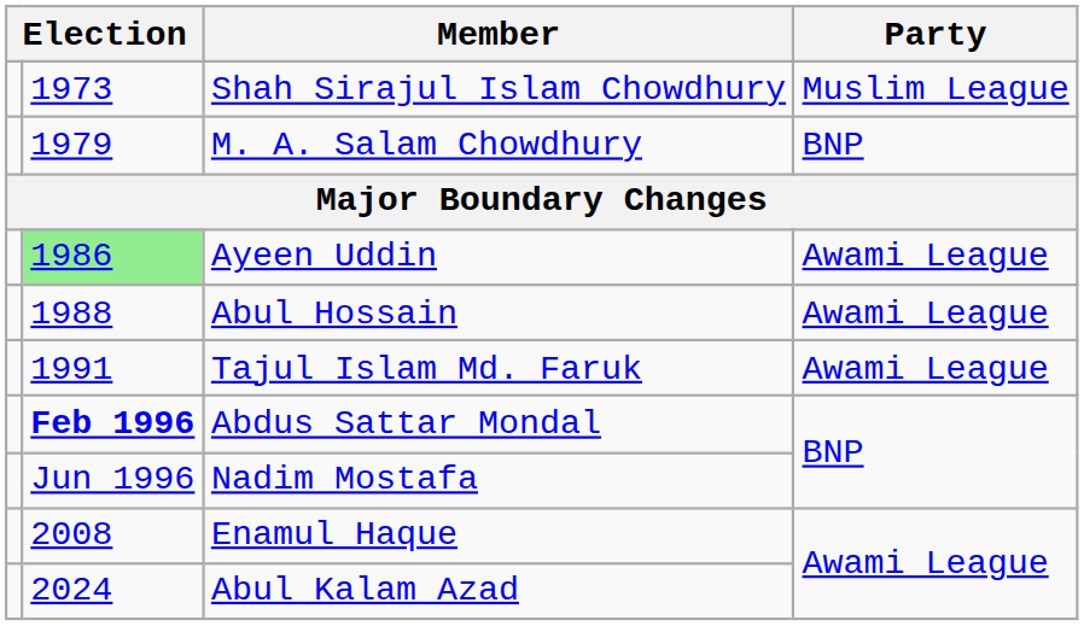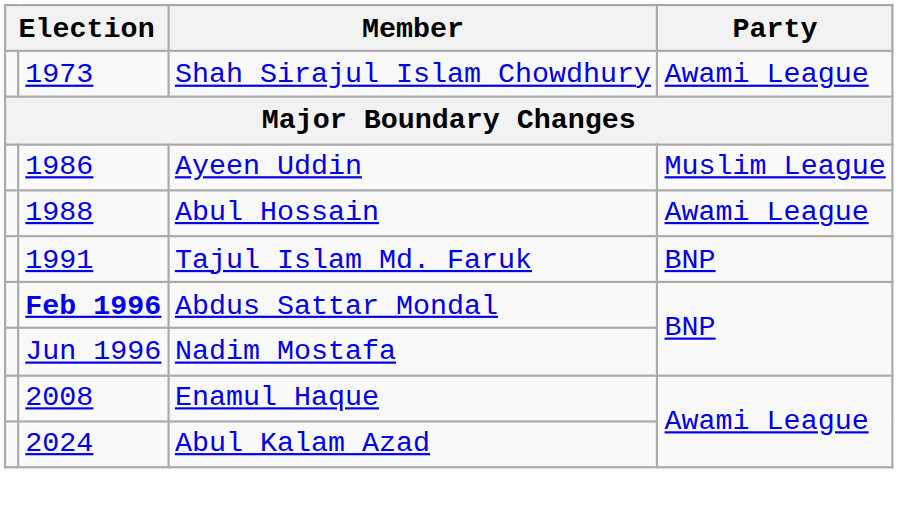 <table class="wikitable">
 <tr>
 <th colspan="2">Election</th>
 <th>Member</th>
 <th>Party</th>
 </tr>
 <tr>
 <td style="background-color:"></td>
 <td><a href='#'>1973</a></td>
 <td><a href='#'>Shah Sirajul Islam Chowdhury</a></td>
-<td><a href='#'>Muslim League</a></td>
-</tr>
-<tr>
-<td style="background-color:"></td>
-<td><a href='#'>1979</a></td>
-<td><a href='#'>M. A. Salam Chowdhury</a></td>
-<td><a href='#'>BNP</a></td>
+<td><a href='#'>Awami League</a></td>
 </tr>
 <tr>
 <th colspan="4">Major Boundary Changes</th>
 </tr>
 <tr>
 <td style="background-color:"></td>
-<td style="background: lightgreen;"><a href='#'>1986</a></td>
+<td><a href='#'>1986</a></td>
 <td><a href='#'>Ayeen Uddin</a></td>
-<td><a href='#'>Awami League</a></td>
+<td><a href='#'>Muslim League</a></td>
 </tr>
 <tr>
 <td style="background-color:"></td>
 <td><a href='#'>1988</a></td>
 <td><a href='#'>Abul Hossain</a></td>
 <td><a href='#'>Awami League</a></td>
 </tr>
 <tr>
 <td style="background-color:"></td>
 <td><a href='#'>1991</a></td>
 <td><a href='#'>Tajul Islam Md. Faruk</a></td>
-<td><a href='#'>Awami League</a></td>
+<td><a href='#'>BNP</a></td>
 </tr>
 <tr>
 <td style="background-color:"></td>
 <td><strong><a href='#'>Feb 1996</a></strong></td>
 <td><a href='#'>Abdus Sattar Mondal</a></td>
 <td rowspan="2"><a href='#'>BNP</a></td>
 </tr>
 <tr>
 <td style="background-color:"></td>
 <td><a href='#'>Jun 1996</a></td>
 <td><a href='#'>Nadim Mostafa</a></td>
 </tr>
 <tr>
 <td style="background-color:"></td>
 <td><a href='#'>2008</a></td>
 <td><a href='#'>Enamul Haque</a></td>
 <td rowspan="2"><a href='#'>Awami League</a></td>
 </tr>
 <tr>
 <td style="background-color:"></td>
 <td><a href='#'>2024</a></td>
 <td><a href='#'>Abul Kalam Azad</a></td>
 </tr>
 </table>
